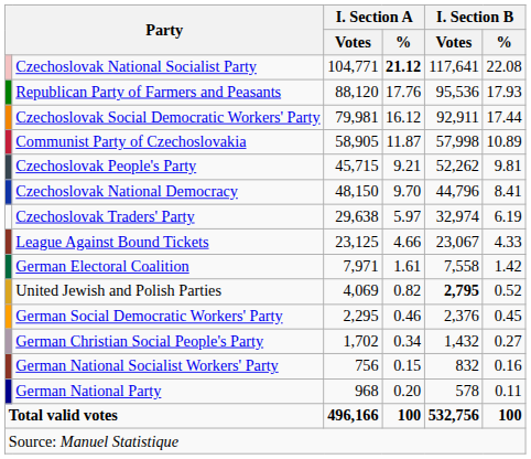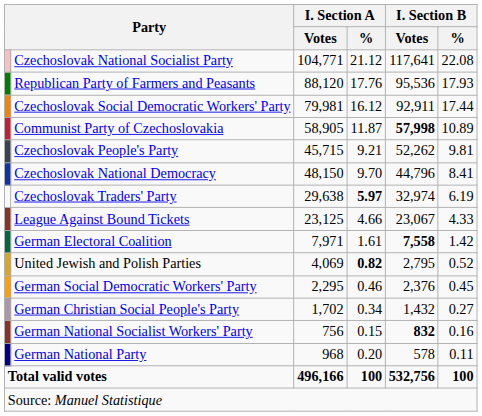 <table class=wikitable style=text-align:right>
 <tr>
 <th colspan=2 rowspan=2>Party</th>
 <th colspan=2>I. Section A</th>
 <th colspan=2>I. Section B</th>
 </tr>
 <tr>
 <th>Votes</th>
 <th>%</th>
 <th>Votes</th>
 <th>%</th>
 </tr>
 <tr>
 <td bgcolor=F4C2C2></td>
 <td align=left><a href='#'>Czechoslovak National Socialist Party</a></td>
 <td>104,771</td>
-<td><strong>21.12</strong></td>
+<td>21.12</td>
 <td>117,641</td>
 <td>22.08</td>
 </tr>
 <tr>
 <td bgcolor=#008000></td>
 <td align=left><a href='#'>Republican Party of Farmers and Peasants</a></td>
 <td>88,120</td>
 <td>17.76</td>
 <td>95,536</td>
 <td>17.93</td>
 </tr>
 <tr>
 <td bgcolor=F28500></td>
 <td align=left><a href='#'>Czechoslovak Social Democratic Workers' Party</a></td>
 <td>79,981</td>
 <td>16.12</td>
 <td>92,911</td>
 <td>17.44</td>
 </tr>
 <tr>
 <td bgcolor=#C41E3A></td>
 <td align=left><a href='#'>Communist Party of Czechoslovakia</a></td>
 <td>58,905</td>
 <td>11.87</td>
-<td>57,998</td>
+<td><strong>57,998</strong></td>
 <td>10.89</td>
 </tr>
 <tr>
 <td bgcolor=#36454F></td>
 <td align=left><a href='#'>Czechoslovak People's Party</a></td>
 <td>45,715</td>
 <td>9.21</td>
 <td>52,262</td>
 <td>9.81</td>
 </tr>
 <tr>
 <td bgcolor=#1034A6></td>
 <td align=left><a href='#'>Czechoslovak National Democracy</a></td>
 <td>48,150</td>
 <td>9.70</td>
 <td>44,796</td>
 <td>8.41</td>
 </tr>
 <tr>
 <td bgcolor=></td>
 <td align=left><a href='#'>Czechoslovak Traders' Party</a></td>
 <td>29,638</td>
-<td>5.97</td>
+<td><strong>5.97</strong></td>
 <td>32,974</td>
 <td>6.19</td>
 </tr>
 <tr>
 <td bgcolor=#8A3324></td>
 <td align=left><a href='#'>League Against Bound Tickets</a></td>
 <td>23,125</td>
 <td>4.66</td>
 <td>23,067</td>
 <td>4.33</td>
 </tr>
 <tr>
 <td bgcolor=#00693E></td>
 <td align=left><a href='#'>German Electoral Coalition</a></td>
 <td>7,971</td>
 <td>1.61</td>
-<td>7,558</td>
+<td><strong>7,558</strong></td>
 <td>1.42</td>
 </tr>
 <tr>
 <td bgcolor=#DAA520></td>
 <td align=left>United Jewish and Polish Parties</td>
 <td>4,069</td>
-<td>0.82</td>
-<td><strong>2,795</strong></td>
+<td><strong>0.82</strong></td>
+<td>2,795</td>
 <td>0.52</td>
 </tr>
 <tr>
 <td bgcolor=#FFA000></td>
 <td align=left><a href='#'>German Social Democratic Workers' Party</a></td>
 <td>2,295</td>
 <td>0.46</td>
 <td>2,376</td>
 <td>0.45</td>
 </tr>
 <tr>
 <td bgcolor=#AA98A9></td>
 <td align=left><a href='#'>German Christian Social People's Party</a></td>
 <td>1,702</td>
 <td>0.34</td>
 <td>1,432</td>
 <td>0.27</td>
 </tr>
 <tr>
 <td bgcolor=#8A3324></td>
 <td align=left><a href='#'>German National Socialist Workers' Party</a></td>
 <td>756</td>
 <td>0.15</td>
-<td>832</td>
+<td><strong>832</strong></td>
 <td>0.16</td>
 </tr>
 <tr>
 <td bgcolor=#00008B></td>
 <td align=left><a href='#'>German National Party</a></td>
 <td>968</td>
 <td>0.20</td>
 <td>578</td>
 <td>0.11</td>
 </tr>
 <tr>
 <td colspan=2 align=left><strong>Total valid votes</strong></td>
 <td><strong>496,166</strong></td>
 <td><strong>100</strong></td>
 <td><strong>532,756</strong></td>
 <td><strong>100</strong></td>
 </tr>
 <tr>
 <td align=left colspan=6>Source: <em>Manuel Statistique</em></td>
 </tr>
 </table>
